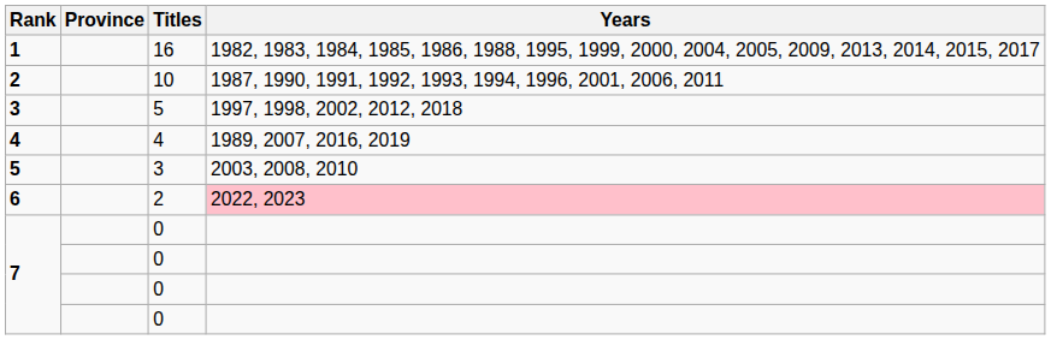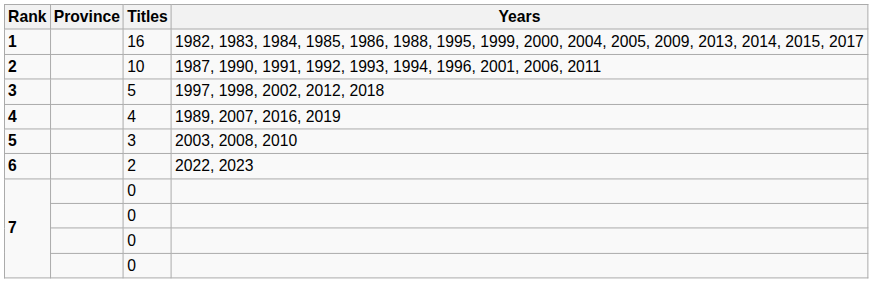 <table class="wikitable">
 <tr>
 <th>Rank</th>
 <th>Province</th>
 <th>Titles</th>
 <th>Years</th>
 </tr>
 <tr>
 <td><strong>1</strong></td>
 <td style="text-align:left;"></td>
 <td>16</td>
 <td>1982, 1983, 1984, 1985, 1986, 1988, 1995, 1999, 2000, 2004, 2005, 2009, 2013, 2014, 2015, 2017</td>
 </tr>
 <tr>
 <td><strong>2</strong></td>
 <td style="text-align:left;"></td>
 <td>10</td>
 <td>1987, 1990, 1991, 1992, 1993, 1994, 1996, 2001, 2006, 2011</td>
 </tr>
 <tr>
 <td rowspan="1"><strong>3</strong></td>
 <td style="text-align:left;"></td>
 <td>5</td>
 <td>1997, 1998, 2002, 2012, 2018</td>
 </tr>
 <tr>
 <td><strong>4</strong></td>
 <td style="text-align:left;"></td>
 <td>4</td>
 <td>1989, 2007, 2016, 2019</td>
 </tr>
 <tr>
 <td><strong>5</strong></td>
 <td style="text-align:left;"></td>
 <td>3</td>
 <td>2003, 2008, 2010</td>
 </tr>
 <tr>
 <td><strong>6</strong></td>
 <td style="text-align:left;"></td>
 <td>2</td>
-<td style="background: pink;">2022, 2023</td>
+<td>2022, 2023</td>
 </tr>
 <tr>
 <td rowspan="4"><strong>7</strong></td>
 <td style="text-align:left;"></td>
 <td>0</td>
 <td></td>
 </tr>
 <tr>
 <td style="text-align:left;"></td>
 <td>0</td>
 <td></td>
 </tr>
 <tr>
 <td style="text-align:left;"></td>
 <td>0</td>
 <td></td>
 </tr>
 <tr>
 <td style="text-align:left;"></td>
 <td>0</td>
 <td></td>
 </tr>
 </table>
